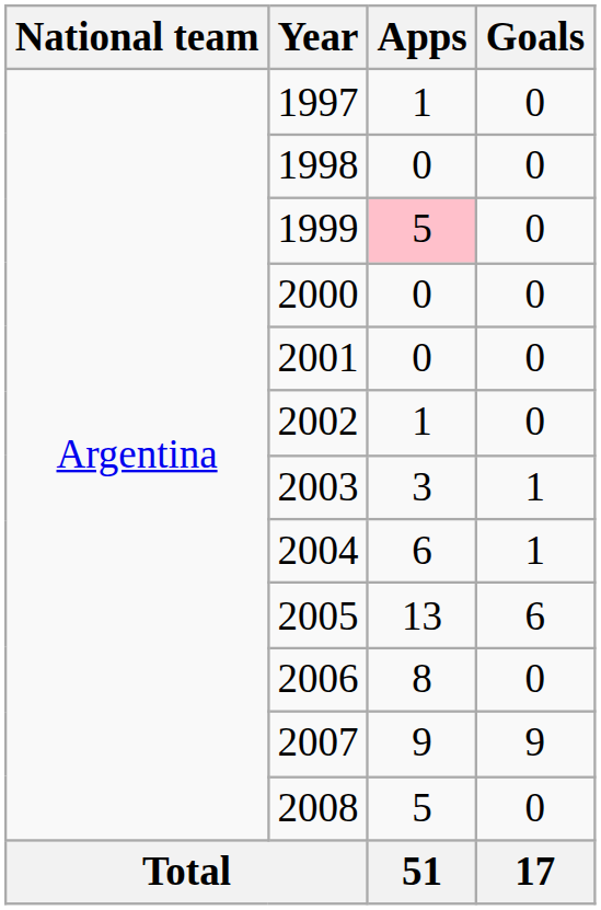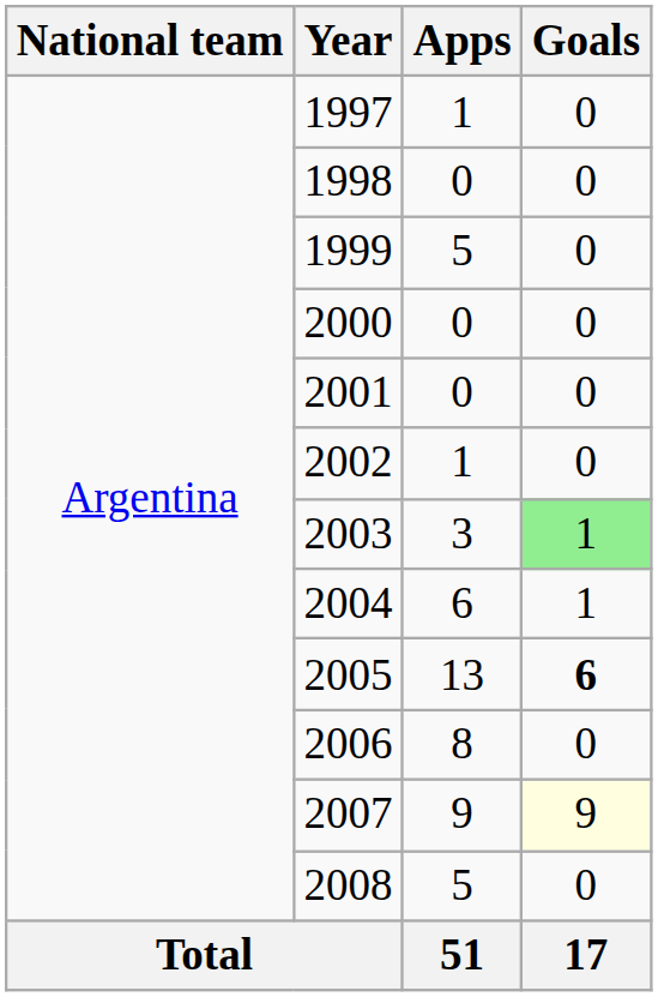 <table class="wikitable" style="text-align:center">
 <tr>
 <th>National team</th>
 <th>Year</th>
 <th>Apps</th>
 <th>Goals</th>
 </tr>
 <tr>
 <td rowspan="12"><a href='#'>Argentina</a></td>
 <td>1997</td>
 <td>1</td>
 <td>0</td>
 </tr>
 <tr>
 <td>1998</td>
 <td>0</td>
 <td>0</td>
 </tr>
 <tr>
 <td>1999</td>
-<td style="background: pink;">5</td>
+<td>5</td>
 <td>0</td>
 </tr>
 <tr>
 <td>2000</td>
 <td>0</td>
 <td>0</td>
 </tr>
 <tr>
 <td>2001</td>
 <td>0</td>
 <td>0</td>
 </tr>
 <tr>
 <td>2002</td>
 <td>1</td>
 <td>0</td>
 </tr>
 <tr>
 <td>2003</td>
 <td>3</td>
-<td>1</td>
+<td style="background: lightgreen;">1</td>
 </tr>
 <tr>
 <td>2004</td>
 <td>6</td>
 <td>1</td>
 </tr>
 <tr>
 <td>2005</td>
 <td>13</td>
-<td>6</td>
+<td><strong>6</strong></td>
 </tr>
 <tr>
 <td>2006</td>
 <td>8</td>
 <td>0</td>
 </tr>
 <tr>
 <td>2007</td>
 <td>9</td>
-<td>9</td>
+<td style="background: lightyellow;">9</td>
 </tr>
 <tr>
 <td>2008</td>
 <td>5</td>
 <td>0</td>
 </tr>
 <tr>
 <th colspan="2">Total</th>
 <th>51</th>
 <th>17</th>
 </tr>
 </table>
